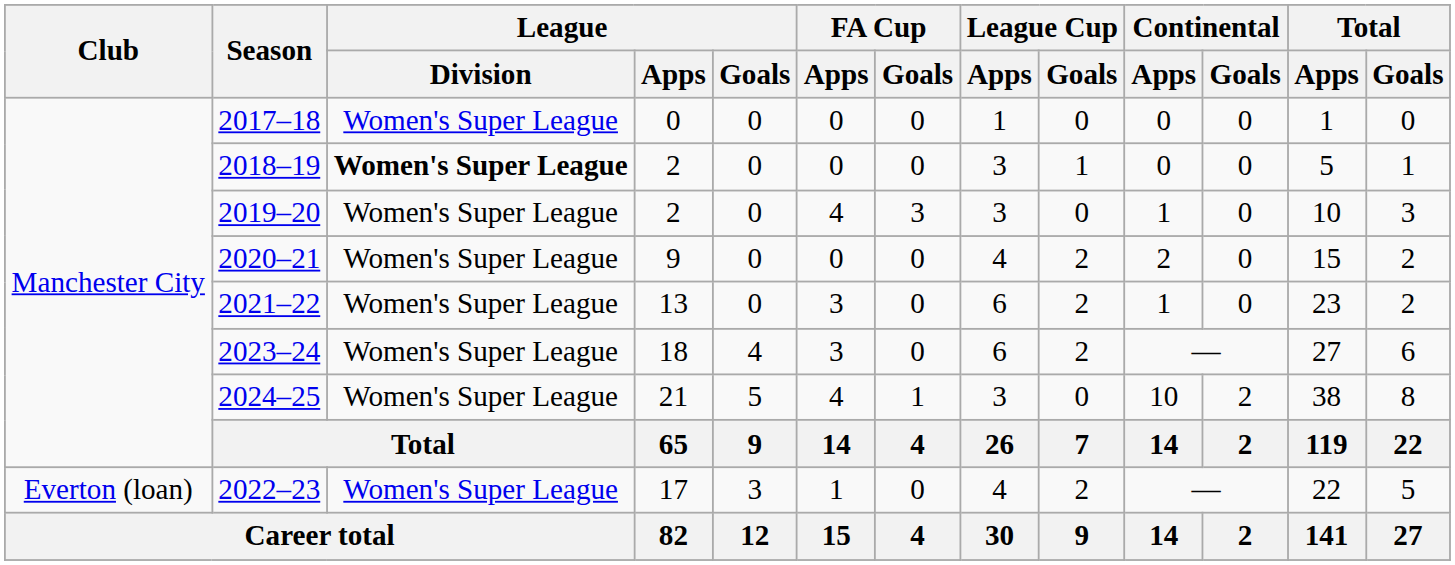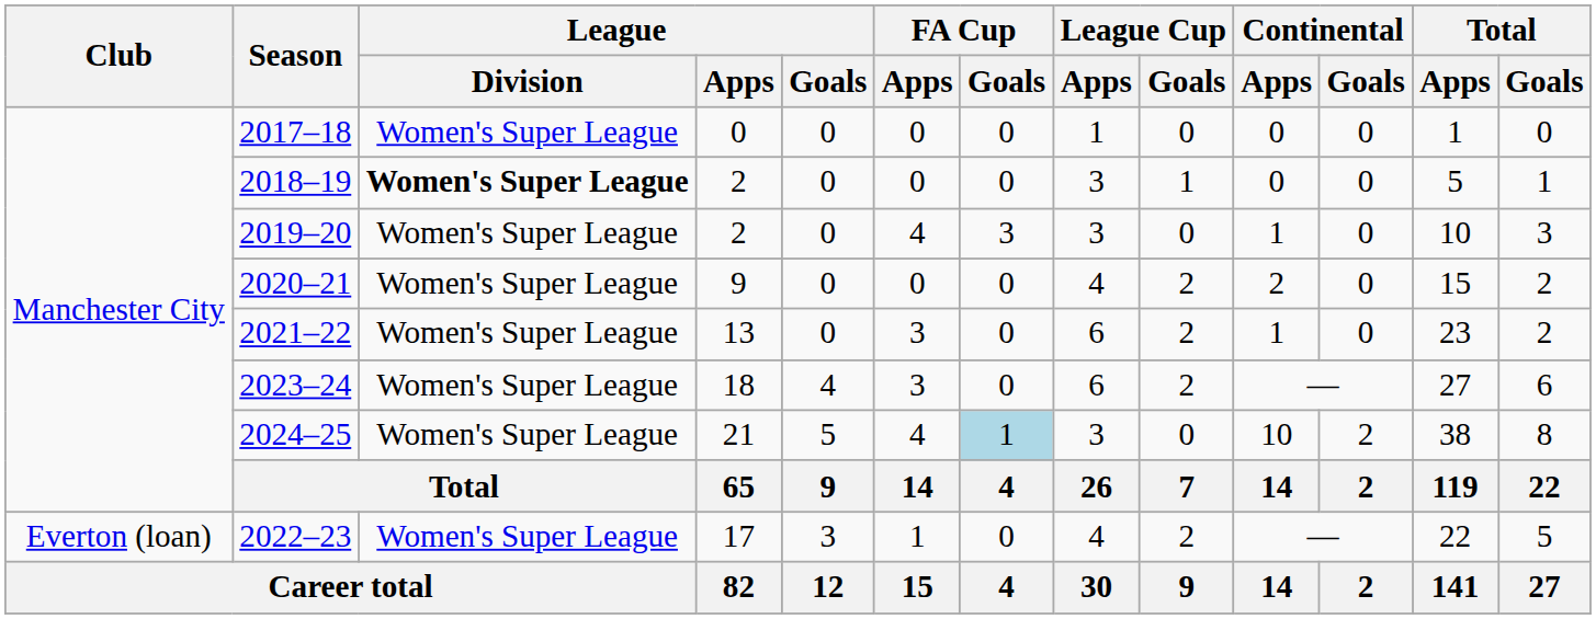 <table class="wikitable" style="text-align:center">
 <tr>
 <th rowspan="2">Club</th>
 <th rowspan="2">Season</th>
 <th colspan="3">League</th>
 <th colspan="2">FA Cup</th>
 <th colspan="2">League Cup</th>
 <th colspan="2">Continental</th>
 <th colspan="2">Total</th>
 </tr>
 <tr>
 <th>Division</th>
 <th>Apps</th>
 <th>Goals</th>
 <th>Apps</th>
 <th>Goals</th>
 <th>Apps</th>
 <th>Goals</th>
 <th>Apps</th>
 <th>Goals</th>
 <th>Apps</th>
 <th>Goals</th>
 </tr>
 <tr>
 <td rowspan="8"><a href='#'>Manchester City</a></td>
 <td><a href='#'>2017–18</a></td>
 <td><a href='#'>Women's Super League</a></td>
 <td>0</td>
 <td>0</td>
 <td>0</td>
 <td>0</td>
 <td>1</td>
 <td>0</td>
 <td>0</td>
 <td>0</td>
 <td>1</td>
 <td>0</td>
 </tr>
 <tr>
 <td><a href='#'>2018–19</a></td>
 <td><strong>Women's Super League</strong></td>
 <td>2</td>
 <td>0</td>
 <td>0</td>
 <td>0</td>
 <td>3</td>
 <td>1</td>
 <td>0</td>
 <td>0</td>
 <td>5</td>
 <td>1</td>
 </tr>
 <tr>
 <td><a href='#'>2019–20</a></td>
 <td>Women's Super League</td>
 <td>2</td>
 <td>0</td>
 <td>4</td>
 <td>3</td>
 <td>3</td>
 <td>0</td>
 <td>1</td>
 <td>0</td>
 <td>10</td>
 <td>3</td>
 </tr>
 <tr>
 <td><a href='#'>2020–21</a></td>
 <td>Women's Super League</td>
 <td>9</td>
 <td>0</td>
 <td>0</td>
 <td>0</td>
 <td>4</td>
 <td>2</td>
 <td>2</td>
 <td>0</td>
 <td>15</td>
 <td>2</td>
 </tr>
 <tr>
 <td><a href='#'>2021–22</a></td>
 <td>Women's Super League</td>
 <td>13</td>
 <td>0</td>
 <td>3</td>
 <td>0</td>
 <td>6</td>
 <td>2</td>
 <td>1</td>
 <td>0</td>
 <td>23</td>
 <td>2</td>
 </tr>
 <tr>
 <td><a href='#'>2023–24</a></td>
 <td>Women's Super League</td>
 <td>18</td>
 <td>4</td>
 <td>3</td>
 <td>0</td>
 <td>6</td>
 <td>2</td>
 <td colspan=2>—</td>
 <td>27</td>
 <td>6</td>
 </tr>
 <tr>
 <td><a href='#'>2024–25</a></td>
 <td>Women's Super League</td>
 <td>21</td>
 <td>5</td>
 <td>4</td>
-<td>1</td>
+<td style="background: lightblue;">1</td>
 <td>3</td>
 <td>0</td>
 <td>10</td>
 <td>2</td>
 <td>38</td>
 <td>8</td>
 </tr>
 <tr>
 <th colspan="2">Total</th>
 <th>65</th>
 <th>9</th>
 <th>14</th>
 <th>4</th>
 <th>26</th>
 <th>7</th>
 <th>14</th>
 <th>2</th>
 <th>119</th>
 <th>22</th>
 </tr>
 <tr>
 <td><a href='#'>Everton</a> (loan)</td>
 <td><a href='#'>2022–23</a></td>
 <td><a href='#'>Women's Super League</a></td>
 <td>17</td>
 <td>3</td>
 <td>1</td>
 <td>0</td>
 <td>4</td>
 <td>2</td>
 <td colspan="2">—</td>
 <td>22</td>
 <td>5</td>
 </tr>
 <tr>
 <th colspan="3">Career total</th>
 <th>82</th>
 <th>12</th>
 <th>15</th>
 <th>4</th>
 <th>30</th>
 <th>9</th>
 <th>14</th>
 <th>2</th>
 <th>141</th>
 <th>27</th>
 </tr>
 </table>
